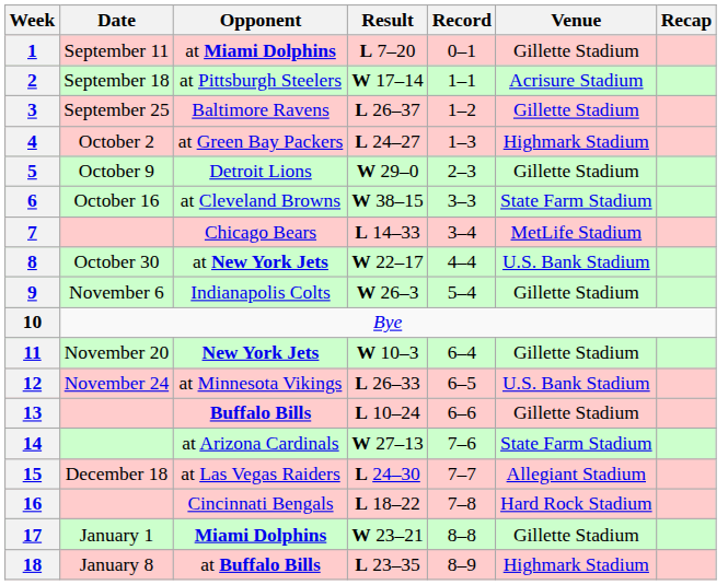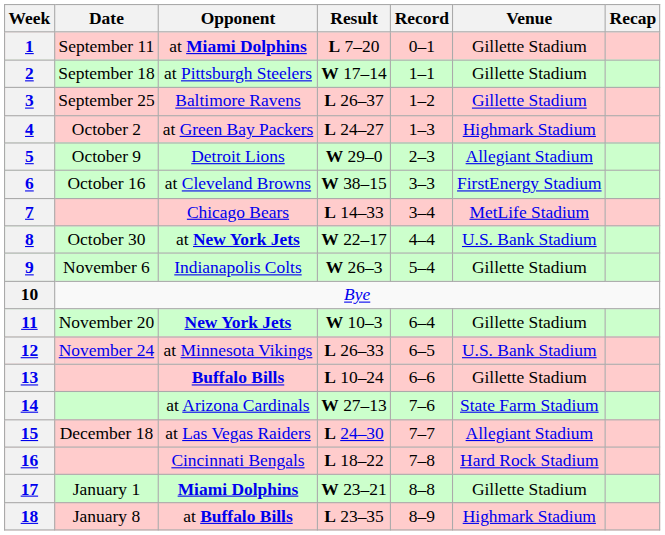 <table class="wikitable" style="text-align:center">
 <tr>
 <th>Week</th>
 <th>Date</th>
 <th>Opponent</th>
 <th>Result</th>
 <th>Record</th>
 <th>Venue</th>
 <th>Recap</th>
 </tr>
 <tr style="background:#fcc">
 <th><a href='#'>1</a></th>
 <td>September 11</td>
 <td>at <strong><a href='#'>Miami Dolphins</a></strong></td>
 <td><strong>L</strong> 7–20</td>
 <td>0–1</td>
 <td>Gillette Stadium</td>
 <td></td>
 </tr>
 <tr style="background:#cfc">
 <th><a href='#'>2</a></th>
 <td>September 18</td>
 <td>at <a href='#'>Pittsburgh Steelers</a></td>
 <td><strong>W</strong> 17–14</td>
 <td>1–1</td>
-<td><a href='#'>Acrisure Stadium</a></td>
+<td>Gillette Stadium</td>
 <td></td>
 </tr>
 <tr style="background:#fcc">
 <th><a href='#'>3</a></th>
 <td>September 25</td>
 <td><a href='#'>Baltimore Ravens</a></td>
 <td><strong>L</strong> 26–37</td>
 <td>1–2</td>
 <td><a href='#'>Gillette Stadium</a></td>
 <td></td>
 </tr>
 <tr style="background:#fcc">
 <th><a href='#'>4</a></th>
 <td>October 2</td>
 <td>at <a href='#'>Green Bay Packers</a></td>
 <td><strong>L</strong> 24–27 </td>
 <td>1–3</td>
 <td><a href='#'>Highmark Stadium</a></td>
 <td></td>
 </tr>
 <tr style="background:#cfc">
 <th><a href='#'>5</a></th>
 <td>October 9</td>
 <td><a href='#'>Detroit Lions</a></td>
 <td><strong>W</strong> 29–0</td>
 <td>2–3</td>
-<td>Gillette Stadium</td>
+<td><a href='#'>Allegiant Stadium</a></td>
 <td></td>
 </tr>
 <tr style="background:#cfc">
 <th><a href='#'>6</a></th>
 <td>October 16</td>
 <td>at <a href='#'>Cleveland Browns</a></td>
 <td><strong>W</strong> 38–15</td>
 <td>3–3</td>
-<td><a href='#'>State Farm Stadium</a></td>
+<td><a href='#'>FirstEnergy Stadium</a></td>
 <td></td>
 </tr>
 <tr style="background:#fcc">
 <th><a href='#'>7</a></th>
 <td></td>
 <td><a href='#'>Chicago Bears</a></td>
 <td><strong>L</strong> 14–33</td>
 <td>3–4</td>
 <td><a href='#'>MetLife Stadium</a></td>
 <td></td>
 </tr>
 <tr style="background:#cfc">
 <th><a href='#'>8</a></th>
 <td>October 30</td>
 <td>at <strong><a href='#'>New York Jets</a></strong></td>
 <td><strong>W</strong> 22–17</td>
 <td>4–4</td>
 <td><a href='#'>U.S. Bank Stadium</a></td>
 <td></td>
 </tr>
 <tr style="background:#cfc">
 <th><a href='#'>9</a></th>
 <td>November 6</td>
 <td><a href='#'>Indianapolis Colts</a></td>
 <td><strong>W</strong> 26–3</td>
 <td>5–4</td>
 <td>Gillette Stadium</td>
 <td></td>
 </tr>
 <tr>
 <th>10</th>
 <td colspan="6"><em><a href='#'>Bye</a></em></td>
 </tr>
 <tr style="background:#cfc">
 <th><a href='#'>11</a></th>
 <td>November 20</td>
 <td><strong><a href='#'>New York Jets</a></strong></td>
 <td><strong>W</strong> 10–3</td>
 <td>6–4</td>
 <td>Gillette Stadium</td>
 <td></td>
 </tr>
 <tr style="background:#fcc">
 <th><a href='#'>12</a></th>
 <td><a href='#'>November 24</a></td>
 <td>at <a href='#'>Minnesota Vikings</a></td>
 <td><strong>L</strong> 26–33</td>
 <td>6–5</td>
 <td><a href='#'>U.S. Bank Stadium</a></td>
 <td></td>
 </tr>
 <tr style="background:#fcc">
 <th><a href='#'>13</a></th>
 <td></td>
 <td><strong><a href='#'>Buffalo Bills</a></strong></td>
 <td><strong>L</strong> 10–24</td>
 <td>6–6</td>
 <td>Gillette Stadium</td>
 <td></td>
 </tr>
 <tr style="background:#cfc">
 <th><a href='#'>14</a></th>
 <td></td>
 <td>at <a href='#'>Arizona Cardinals</a></td>
 <td><strong>W</strong> 27–13</td>
 <td>7–6</td>
 <td><a href='#'>State Farm Stadium</a></td>
 <td></td>
 </tr>
 <tr style="background:#fcc">
 <th><a href='#'>15</a></th>
 <td>December 18</td>
 <td>at <a href='#'>Las Vegas Raiders</a></td>
 <td><strong>L</strong> <a href='#'>24–30</a></td>
 <td>7–7</td>
 <td><a href='#'>Allegiant Stadium</a></td>
 <td></td>
 </tr>
 <tr style="background:#fcc">
 <th><a href='#'>16</a></th>
 <td></td>
 <td><a href='#'>Cincinnati Bengals</a></td>
 <td><strong>L</strong> 18–22</td>
 <td>7–8</td>
 <td><a href='#'>Hard Rock Stadium</a></td>
 <td></td>
 </tr>
 <tr style="background:#cfc">
 <th><a href='#'>17</a></th>
 <td>January 1</td>
 <td><strong><a href='#'>Miami Dolphins</a></strong></td>
 <td><strong>W</strong> 23–21</td>
 <td>8–8</td>
 <td>Gillette Stadium</td>
 <td></td>
 </tr>
 <tr style="background:#fcc">
 <th><a href='#'>18</a></th>
 <td>January 8</td>
 <td>at <strong><a href='#'>Buffalo Bills</a></strong></td>
 <td><strong>L</strong> 23–35</td>
 <td>8–9</td>
 <td><a href='#'>Highmark Stadium</a></td>
 <td></td>
 </tr>
 </table>
